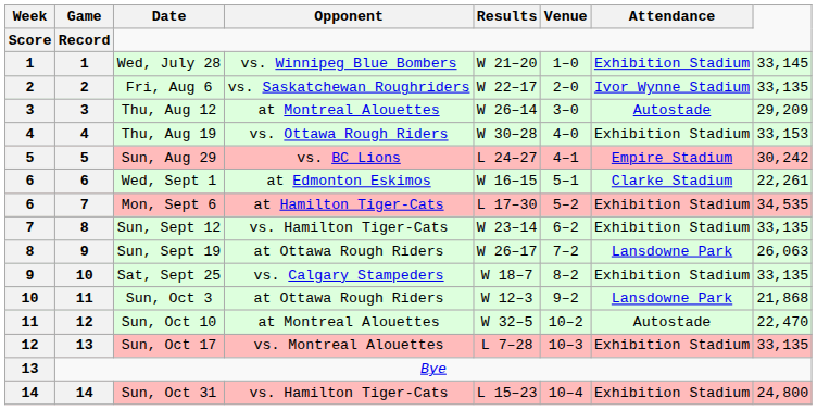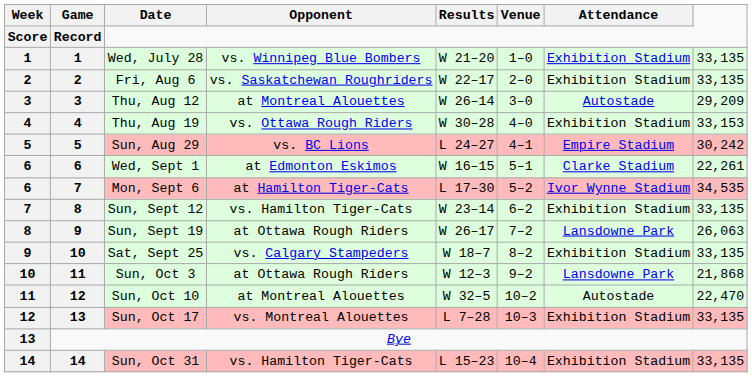 <table class="wikitable" style="text-align:center">
 <tr>
 <th>Week</th>
 <th>Game</th>
 <th>Date</th>
 <th>Opponent</th>
 <th>Results</th>
 <th>Venue</th>
 <th>Attendance</th>
 </tr>
 <tr>
 <th>Score</th>
 <th>Record</th>
 </tr>
 <tr style="background:#ddffdd">
 <th>1</th>
 <th>1</th>
 <td>Wed, July 28</td>
 <td>vs. <a href='#'>Winnipeg Blue Bombers</a></td>
 <td>W 21–20</td>
 <td>1–0</td>
 <td><a href='#'>Exhibition Stadium</a></td>
-<td>33,145</td>
+<td>33,135</td>
 </tr>
 <tr style="background:#ddffdd">
 <th>2</th>
 <th>2</th>
 <td>Fri, Aug 6</td>
 <td>vs. <a href='#'>Saskatchewan Roughriders</a></td>
 <td>W 22–17</td>
 <td>2–0</td>
-<td><a href='#'>Ivor Wynne Stadium</a></td>
+<td>Exhibition Stadium</td>
 <td>33,135</td>
 </tr>
 <tr style="background:#ddffdd">
 <th>3</th>
 <th>3</th>
 <td>Thu, Aug 12</td>
 <td>at <a href='#'>Montreal Alouettes</a></td>
 <td>W 26–14</td>
 <td>3–0</td>
 <td><a href='#'>Autostade</a></td>
 <td>29,209</td>
 </tr>
 <tr style="background:#ddffdd">
 <th>4</th>
 <th>4</th>
 <td>Thu, Aug 19</td>
 <td>vs. <a href='#'>Ottawa Rough Riders</a></td>
 <td>W 30–28</td>
 <td>4–0</td>
 <td>Exhibition Stadium</td>
 <td>33,153</td>
 </tr>
 <tr style="background:#ffbbbb">
 <th>5</th>
 <th>5</th>
 <td>Sun, Aug 29</td>
 <td>vs. <a href='#'>BC Lions</a></td>
 <td>L 24–27</td>
 <td>4–1</td>
 <td><a href='#'>Empire Stadium</a></td>
 <td>30,242</td>
 </tr>
 <tr style="background:#ddffdd">
 <th>6</th>
 <th>6</th>
 <td>Wed, Sept 1</td>
 <td>at <a href='#'>Edmonton Eskimos</a></td>
 <td>W 16–15</td>
 <td>5–1</td>
 <td><a href='#'>Clarke Stadium</a></td>
 <td>22,261</td>
 </tr>
 <tr style="background:#ffbbbb">
 <th>6</th>
 <th>7</th>
 <td>Mon, Sept 6</td>
 <td>at <a href='#'>Hamilton Tiger-Cats</a></td>
 <td>L 17–30</td>
 <td>5–2</td>
-<td>Exhibition Stadium</td>
+<td><a href='#'>Ivor Wynne Stadium</a></td>
 <td>34,535</td>
 </tr>
 <tr style="background:#ddffdd">
 <th>7</th>
 <th>8</th>
 <td>Sun, Sept 12</td>
 <td>vs. Hamilton Tiger-Cats</td>
 <td>W 23–14</td>
 <td>6–2</td>
 <td>Exhibition Stadium</td>
 <td>33,135</td>
 </tr>
 <tr style="background:#ddffdd">
 <th>8</th>
 <th>9</th>
 <td>Sun, Sept 19</td>
 <td>at Ottawa Rough Riders</td>
 <td>W 26–17</td>
 <td>7–2</td>
 <td><a href='#'>Lansdowne Park</a></td>
 <td>26,063</td>
 </tr>
 <tr style="background:#ddffdd">
 <th>9</th>
 <th>10</th>
 <td>Sat, Sept 25</td>
 <td>vs. <a href='#'>Calgary Stampeders</a></td>
 <td>W 18–7</td>
 <td>8–2</td>
 <td>Exhibition Stadium</td>
 <td>33,135</td>
 </tr>
 <tr style="background:#ddffdd">
 <th>10</th>
 <th>11</th>
 <td>Sun, Oct 3</td>
 <td>at Ottawa Rough Riders</td>
 <td>W 12–3</td>
 <td>9–2</td>
 <td><a href='#'>Lansdowne Park</a></td>
 <td>21,868</td>
 </tr>
 <tr style="background:#ddffdd">
 <th>11</th>
 <th>12</th>
 <td>Sun, Oct 10</td>
 <td>at Montreal Alouettes</td>
 <td>W 32–5</td>
 <td>10–2</td>
 <td>Autostade</td>
 <td>22,470</td>
 </tr>
 <tr style="background:#ffbbbb">
 <th>12</th>
 <th>13</th>
 <td>Sun, Oct 17</td>
 <td>vs. Montreal Alouettes</td>
 <td>L 7–28</td>
 <td>10–3</td>
 <td>Exhibition Stadium</td>
 <td>33,135</td>
 </tr>
 <tr>
 <th>13</th>
 <td colspan=7><em><a href='#'>Bye</a></em></td>
 </tr>
 <tr style="background:#ffbbbb">
 <th>14</th>
 <th>14</th>
 <td>Sun, Oct 31</td>
 <td>vs. Hamilton Tiger-Cats</td>
 <td>L 15–23</td>
 <td>10–4</td>
 <td>Exhibition Stadium</td>
-<td>24,800</td>
+<td>33,135</td>
 </tr>
 </table>
